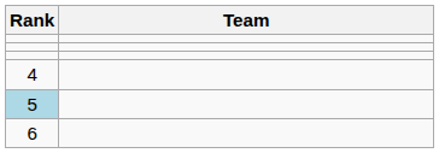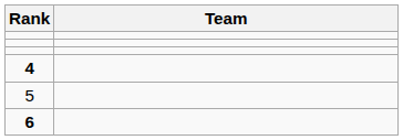 <table class="wikitable" style="font-size:95%;">
 <tr>
 <th>Rank</th>
 <th align="left" style="width: 20em">Team</th>
 </tr>
 <tr>
 <td align="center"></td>
 <td></td>
 </tr>
 <tr>
 <td align="center"></td>
 <td></td>
 </tr>
 <tr>
 <td align="center"></td>
 <td></td>
 </tr>
 <tr>
-<td rowspan=1 align="center">4</td>
+<td rowspan=1 align="center"><strong>4</strong></td>
 <td></td>
 </tr>
 <tr>
-<td rowspan=1 align="center" style="background: lightblue;">5</td>
+<td rowspan=1 align="center">5</td>
 <td></td>
 </tr>
 <tr>
-<td rowspan=1 align="center">6</td>
+<td rowspan=1 align="center"><strong>6</strong></td>
 <td></td>
 </tr>
 </table>
